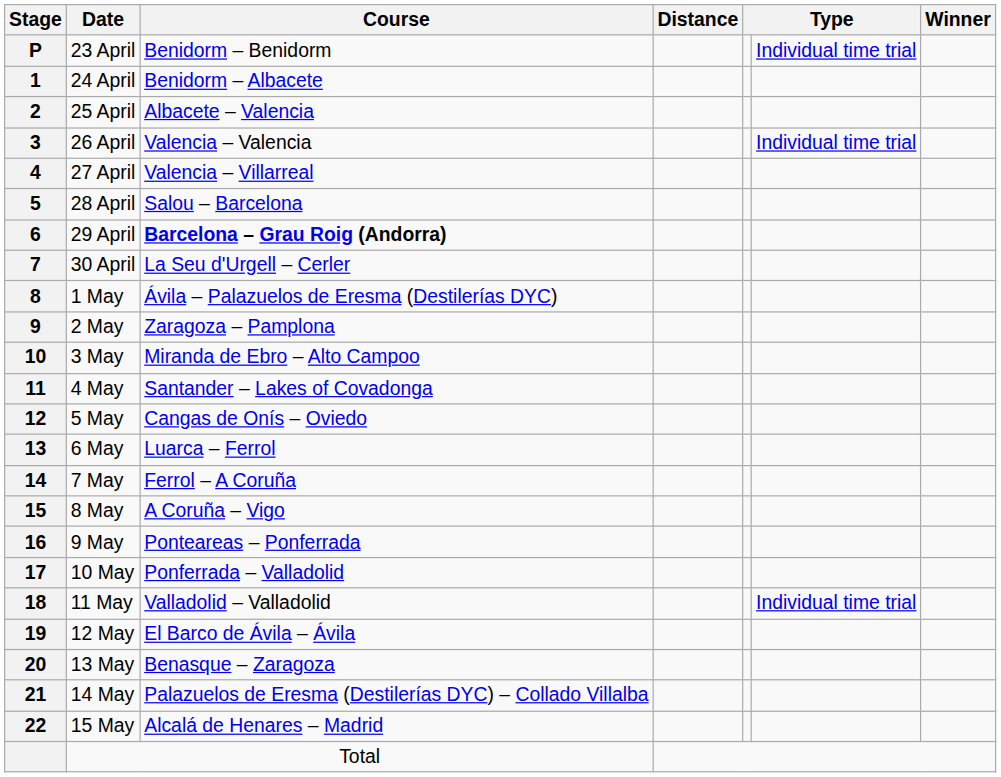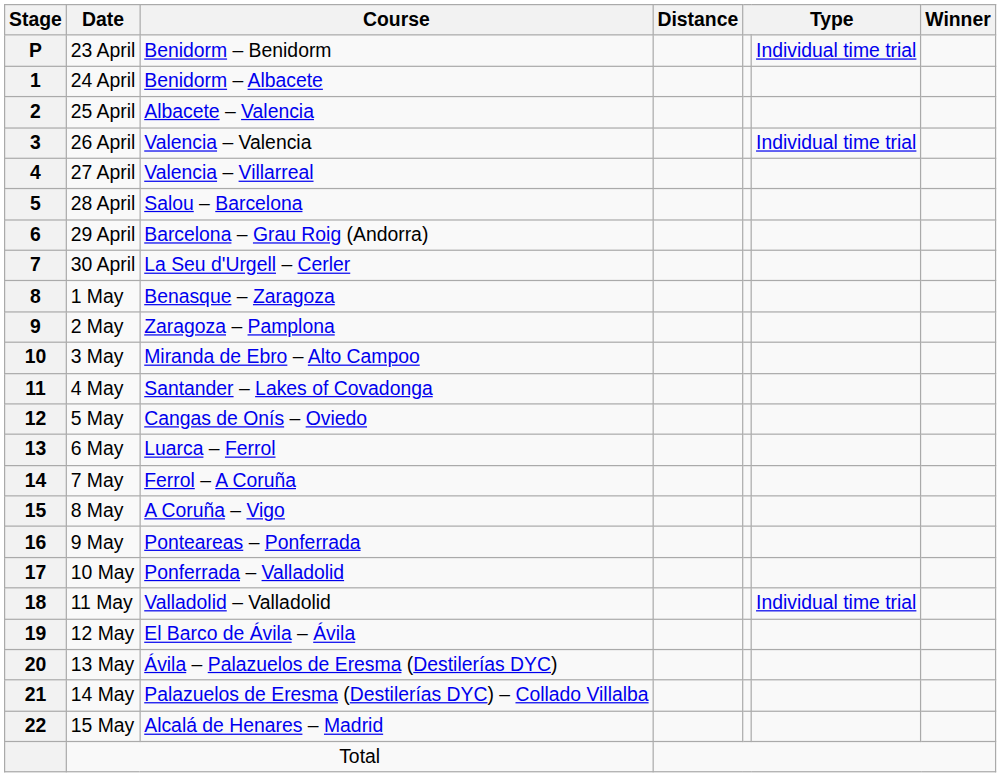 <table class="wikitable">
 <tr>
 <th scope="col">Stage</th>
 <th scope="col">Date</th>
 <th scope="col">Course</th>
 <th scope="col">Distance</th>
 <th scope="col" colspan="2">Type</th>
 <th scope="col">Winner</th>
 </tr>
 <tr>
 <th scope="row">P</th>
 <td>23 April</td>
 <td><a href='#'>Benidorm</a> – Benidorm</td>
 <td style="text-align:center;"></td>
 <td></td>
 <td><a href='#'>Individual time trial</a></td>
 <td></td>
 </tr>
 <tr>
 <th scope="row">1</th>
 <td>24 April</td>
 <td><a href='#'>Benidorm</a> – <a href='#'>Albacete</a></td>
 <td style="text-align:center;"></td>
 <td></td>
 <td></td>
 <td></td>
 </tr>
 <tr>
 <th scope="row">2</th>
 <td>25 April</td>
 <td><a href='#'>Albacete</a> – <a href='#'>Valencia</a></td>
 <td style="text-align:center;"></td>
 <td></td>
 <td></td>
 <td></td>
 </tr>
 <tr>
 <th scope="row">3</th>
 <td>26 April</td>
 <td><a href='#'>Valencia</a> – Valencia</td>
 <td style="text-align:center;"></td>
 <td></td>
 <td><a href='#'>Individual time trial</a></td>
 <td></td>
 </tr>
 <tr>
 <th scope="row">4</th>
 <td>27 April</td>
 <td><a href='#'>Valencia</a> – <a href='#'>Villarreal</a></td>
 <td style="text-align:center;"></td>
 <td></td>
 <td></td>
 <td></td>
 </tr>
 <tr>
 <th scope="row">5</th>
 <td>28 April</td>
 <td><a href='#'>Salou</a> – <a href='#'>Barcelona</a></td>
 <td style="text-align:center;"></td>
 <td></td>
 <td></td>
 <td></td>
 </tr>
 <tr>
 <th scope="row">6</th>
 <td>29 April</td>
-<td><strong><a href='#'>Barcelona</a> – <a href='#'>Grau Roig</a> (Andorra)</strong></td>
+<td><a href='#'>Barcelona</a> – <a href='#'>Grau Roig</a> (Andorra)</td>
 <td style="text-align:center;"></td>
 <td></td>
 <td></td>
 <td></td>
 </tr>
 <tr>
 <th scope="row">7</th>
 <td>30 April</td>
 <td><a href='#'>La Seu d'Urgell</a> – <a href='#'>Cerler</a></td>
 <td style="text-align:center;"></td>
 <td></td>
 <td></td>
 <td></td>
 </tr>
 <tr>
 <th scope="row">8</th>
 <td>1 May</td>
-<td><a href='#'>Ávila</a> – <a href='#'>Palazuelos de Eresma</a> (<a href='#'>Destilerías DYC</a>)</td>
+<td><a href='#'>Benasque</a> – <a href='#'>Zaragoza</a></td>
 <td style="text-align:center;"></td>
 <td></td>
 <td></td>
 <td></td>
 </tr>
 <tr>
 <th scope="row">9</th>
 <td>2 May</td>
 <td><a href='#'>Zaragoza</a> – <a href='#'>Pamplona</a></td>
 <td style="text-align:center;"></td>
 <td></td>
 <td></td>
 <td></td>
 </tr>
 <tr>
 <th scope="row">10</th>
 <td>3 May</td>
 <td><a href='#'>Miranda de Ebro</a> – <a href='#'>Alto Campoo</a></td>
 <td style="text-align:center;"></td>
 <td></td>
 <td></td>
 <td></td>
 </tr>
 <tr>
 <th scope="row">11</th>
 <td>4 May</td>
 <td><a href='#'>Santander</a> – <a href='#'>Lakes of Covadonga</a></td>
 <td style="text-align:center;"></td>
 <td></td>
 <td></td>
 <td></td>
 </tr>
 <tr>
 <th scope="row">12</th>
 <td>5 May</td>
 <td><a href='#'>Cangas de Onís</a> – <a href='#'>Oviedo</a></td>
 <td style="text-align:center;"></td>
 <td></td>
 <td></td>
 <td></td>
 </tr>
 <tr>
 <th scope="row">13</th>
 <td>6 May</td>
 <td><a href='#'>Luarca</a> – <a href='#'>Ferrol</a></td>
 <td style="text-align:center;"></td>
 <td></td>
 <td></td>
 <td></td>
 </tr>
 <tr>
 <th scope="row">14</th>
 <td>7 May</td>
 <td><a href='#'>Ferrol</a> – <a href='#'>A Coruña</a></td>
 <td style="text-align:center;"></td>
 <td></td>
 <td></td>
 <td></td>
 </tr>
 <tr>
 <th scope="row">15</th>
 <td>8 May</td>
 <td><a href='#'>A Coruña</a> – <a href='#'>Vigo</a></td>
 <td style="text-align:center;"></td>
 <td></td>
 <td></td>
 <td></td>
 </tr>
 <tr>
 <th scope="row">16</th>
 <td>9 May</td>
 <td><a href='#'>Ponteareas</a> – <a href='#'>Ponferrada</a></td>
 <td style="text-align:center;"></td>
 <td></td>
 <td></td>
 <td></td>
 </tr>
 <tr>
 <th scope="row">17</th>
 <td>10 May</td>
 <td><a href='#'>Ponferrada</a> – <a href='#'>Valladolid</a></td>
 <td style="text-align:center;"></td>
 <td></td>
 <td></td>
 <td></td>
 </tr>
 <tr>
 <th scope="row">18</th>
 <td>11 May</td>
 <td><a href='#'>Valladolid</a> – Valladolid</td>
 <td style="text-align:center;"></td>
 <td></td>
 <td><a href='#'>Individual time trial</a></td>
 <td></td>
 </tr>
 <tr>
 <th scope="row">19</th>
 <td>12 May</td>
 <td><a href='#'>El Barco de Ávila</a> – <a href='#'>Ávila</a></td>
 <td style="text-align:center;"></td>
 <td></td>
 <td></td>
 <td></td>
 </tr>
 <tr>
 <th scope="row">20</th>
 <td>13 May</td>
-<td><a href='#'>Benasque</a> – <a href='#'>Zaragoza</a></td>
+<td><a href='#'>Ávila</a> – <a href='#'>Palazuelos de Eresma</a> (<a href='#'>Destilerías DYC</a>)</td>
 <td style="text-align:center;"></td>
 <td></td>
 <td></td>
 <td></td>
 </tr>
 <tr>
 <th scope="row">21</th>
 <td>14 May</td>
 <td><a href='#'>Palazuelos de Eresma</a> (<a href='#'>Destilerías DYC</a>) – <a href='#'>Collado Villalba</a></td>
 <td style="text-align:center;"></td>
 <td></td>
 <td></td>
 <td></td>
 </tr>
 <tr>
 <th scope="row">22</th>
 <td>15 May</td>
 <td><a href='#'>Alcalá de Henares</a> – <a href='#'>Madrid</a></td>
 <td style="text-align:center;"></td>
 <td></td>
 <td></td>
 <td></td>
 </tr>
 <tr>
 <th scope="row"></th>
 <td colspan="2" style="text-align:center">Total</td>
 <td colspan="4" style="text-align:center"></td>
 </tr>
 </table>
